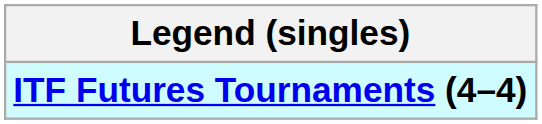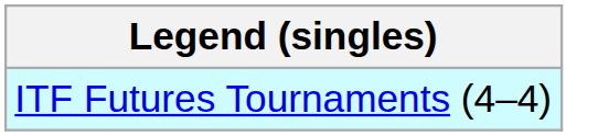 <table class=wikitable style=font-size:97%>
 <tr>
 <th>Legend (singles)</th>
 </tr>
 <tr bgcolor=CFFCFF>
-<td><strong><a href='#'>ITF Futures Tournaments</a> (4–4)</strong></td>
+<td><a href='#'>ITF Futures Tournaments</a> (4–4)</td>
 </tr>
 </table>
